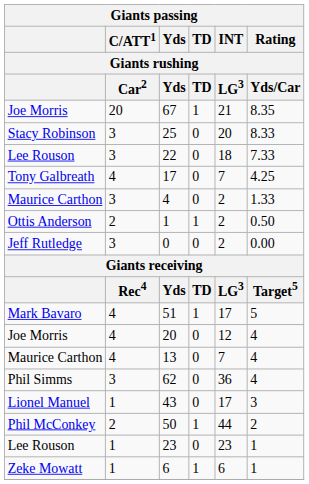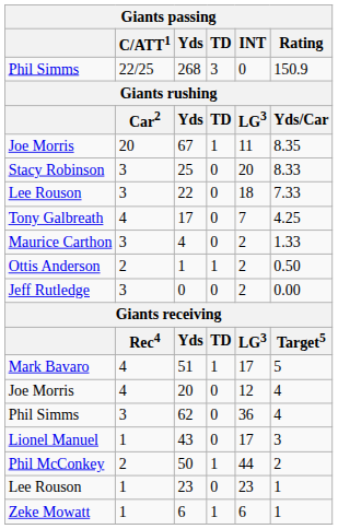 <table class="wikitable">
 <tr>
 <th colspan="6">Giants passing</th>
 </tr>
 <tr>
 <th></th>
 <th>C/ATT<sup>1</sup></th>
 <th>Yds</th>
 <th>TD</th>
 <th>INT</th>
 <th>Rating</th>
+</tr>
+<tr>
+<td><a href='#'>Phil Simms</a></td>
+<td>22/25</td>
+<td>268</td>
+<td>3</td>
+<td>0</td>
+<td>150.9</td>
 </tr>
 <tr>
 <th colspan="6">Giants rushing</th>
 </tr>
 <tr>
 <th></th>
 <th>Car<sup>2</sup></th>
 <th>Yds</th>
 <th>TD</th>
 <th>LG<sup>3</sup></th>
 <th>Yds/Car</th>
 </tr>
 <tr>
 <td><a href='#'>Joe Morris</a></td>
 <td>20</td>
 <td>67</td>
 <td>1</td>
-<td>21</td>
+<td>11</td>
 <td>8.35</td>
 </tr>
 <tr>
 <td><a href='#'>Stacy Robinson</a></td>
 <td>3</td>
 <td>25</td>
 <td>0</td>
 <td>20</td>
 <td>8.33</td>
 </tr>
 <tr>
 <td><a href='#'>Lee Rouson</a></td>
 <td>3</td>
 <td>22</td>
 <td>0</td>
 <td>18</td>
 <td>7.33</td>
 </tr>
 <tr>
 <td><a href='#'>Tony Galbreath</a></td>
 <td>4</td>
 <td>17</td>
 <td>0</td>
 <td>7</td>
 <td>4.25</td>
 </tr>
 <tr>
 <td><a href='#'>Maurice Carthon</a></td>
 <td>3</td>
 <td>4</td>
 <td>0</td>
 <td>2</td>
 <td>1.33</td>
 </tr>
 <tr>
 <td><a href='#'>Ottis Anderson</a></td>
 <td>2</td>
 <td>1</td>
 <td>1</td>
 <td>2</td>
 <td>0.50</td>
 </tr>
 <tr>
 <td><a href='#'>Jeff Rutledge</a></td>
 <td>3</td>
 <td>0</td>
 <td>0</td>
 <td>2</td>
 <td>0.00</td>
 </tr>
 <tr>
 <th colspan="6">Giants receiving</th>
 </tr>
 <tr>
 <th></th>
 <th>Rec<sup>4</sup></th>
 <th>Yds</th>
 <th>TD</th>
 <th>LG<sup>3</sup></th>
 <th>Target<sup>5</sup></th>
 </tr>
 <tr>
 <td><a href='#'>Mark Bavaro</a></td>
 <td>4</td>
 <td>51</td>
 <td>1</td>
 <td>17</td>
 <td>5</td>
 </tr>
 <tr>
 <td>Joe Morris</td>
 <td>4</td>
 <td>20</td>
 <td>0</td>
 <td>12</td>
 <td>4</td>
 </tr>
 <tr>
-<td>Maurice Carthon</td>
-<td>4</td>
-<td>13</td>
-<td>0</td>
-<td>7</td>
-<td>4</td>
-</tr>
-<tr>
 <td>Phil Simms</td>
 <td>3</td>
 <td>62</td>
 <td>0</td>
 <td>36</td>
 <td>4</td>
 </tr>
 <tr>
 <td><a href='#'>Lionel Manuel</a></td>
 <td>1</td>
 <td>43</td>
 <td>0</td>
 <td>17</td>
 <td>3</td>
 </tr>
 <tr>
 <td><a href='#'>Phil McConkey</a></td>
 <td>2</td>
 <td>50</td>
 <td>1</td>
 <td>44</td>
 <td>2</td>
 </tr>
 <tr>
 <td>Lee Rouson</td>
 <td>1</td>
 <td>23</td>
 <td>0</td>
 <td>23</td>
 <td>1</td>
 </tr>
 <tr>
 <td><a href='#'>Zeke Mowatt</a></td>
 <td>1</td>
 <td>6</td>
 <td>1</td>
 <td>6</td>
 <td>1</td>
 </tr>
 <tr>
 </tr>
 </table>
